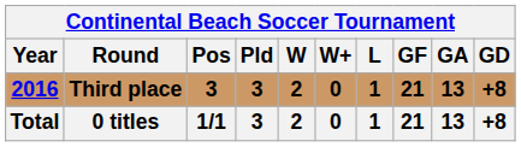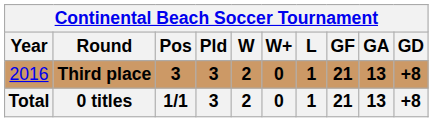 <table class="wikitable" style="text-align: center;">
 <tr>
 <th colspan=10><a href='#'>Continental Beach Soccer Tournament</a></th>
 </tr>
 <tr>
 <th>Year</th>
 <th>Round</th>
 <th width=20>Pos</th>
 <th width=20>Pld</th>
 <th width=20>W</th>
 <th width=20>W+</th>
 <th width=20>L</th>
 <th width=20>GF</th>
 <th width=20>GA</th>
 <th width=20>GD</th>
 </tr>
 <tr bgcolor="#cc9966">
-<td><strong> <a href='#'>2016</a></strong></td>
+<td> <a href='#'>2016</a></td>
 <td><strong>Third place</strong></td>
 <td><strong>3</strong></td>
 <td><strong>3</strong></td>
 <td><strong>2</strong></td>
 <td><strong>0</strong></td>
 <td><strong>1</strong></td>
 <td><strong>21</strong></td>
 <td><strong>13</strong></td>
 <td><strong>+8</strong></td>
 </tr>
 <tr>
 <th>Total</th>
 <th>0 titles</th>
 <th>1/1</th>
 <th>3</th>
 <th>2</th>
 <th>0</th>
 <th>1</th>
 <th>21</th>
 <th>13</th>
 <th>+8</th>
 </tr>
 </table>
